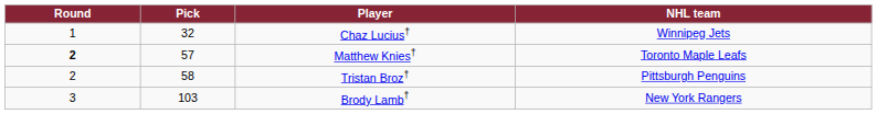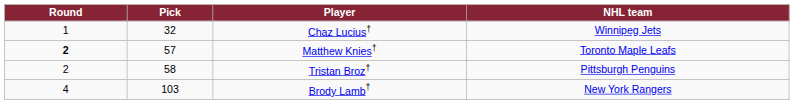 <table class="wikitable" width="60%">
 <tr>
 <th style="color:white; background:#862334; ">Round</th>
 <th style="color:white; background:#862334; ">Pick</th>
 <th style="color:white; background:#862334; ">Player</th>
 <th style="color:white; background:#862334; ">NHL team</th>
 </tr>
 <tr align="center" bgcolor="">
 <td>1</td>
 <td>32</td>
 <td><a href='#'>Chaz Lucius</a><sup>†</sup></td>
 <td><a href='#'>Winnipeg Jets</a></td>
 </tr>
 <tr align="center" bgcolor="">
 <td><strong>2</strong></td>
 <td>57</td>
 <td><a href='#'>Matthew Knies</a><sup>†</sup></td>
 <td><a href='#'>Toronto Maple Leafs</a></td>
 </tr>
 <tr align="center" bgcolor="">
 <td>2</td>
 <td>58</td>
 <td><a href='#'>Tristan Broz</a><sup>†</sup></td>
 <td><a href='#'>Pittsburgh Penguins</a></td>
 </tr>
 <tr align="center" bgcolor="">
-<td>3</td>
+<td>4</td>
 <td>103</td>
 <td><a href='#'>Brody Lamb</a><sup>†</sup></td>
 <td><a href='#'>New York Rangers</a></td>
 </tr>
 </table>
